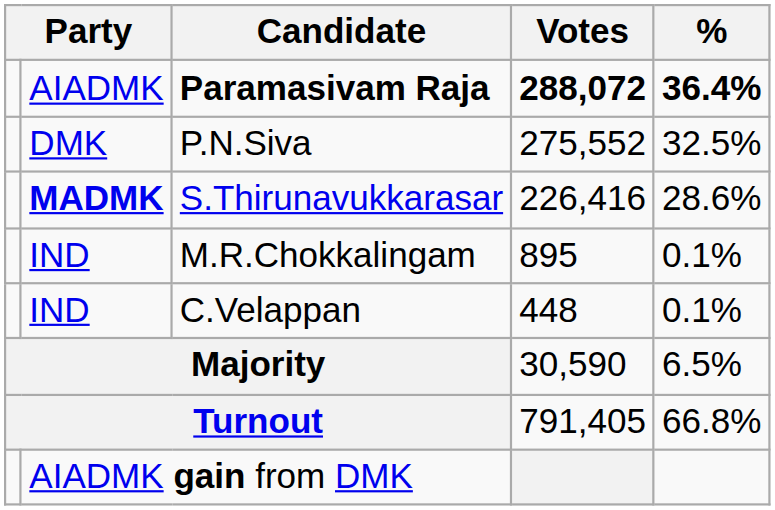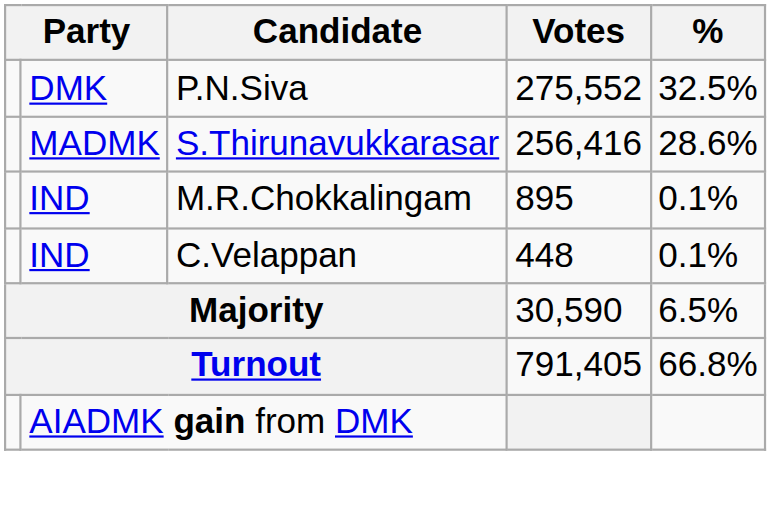 <table class="wikitable">
 <tr>
 <th colspan="2">Party</th>
 <th>Candidate</th>
 <th>Votes</th>
 <th>%</th>
-</tr>
-<tr>
-<td></td>
-<td><a href='#'>AIADMK</a></td>
-<td><strong>Paramasivam Raja</strong></td>
-<td><strong>288,072</strong></td>
-<td><strong>36.4%</strong></td>
 </tr>
 <tr>
 <td></td>
 <td><a href='#'>DMK</a></td>
 <td>P.N.Siva</td>
 <td>275,552</td>
 <td>32.5%</td>
 </tr>
 <tr>
 <td></td>
-<td><strong><a href='#'>MADMK</a></strong></td>
+<td><a href='#'>MADMK</a></td>
 <td><a href='#'>S.Thirunavukkarasar</a></td>
-<td>226,416</td>
+<td>256,416</td>
 <td>28.6%</td>
 </tr>
 <tr>
 <td></td>
 <td><a href='#'>IND</a></td>
 <td>M.R.Chokkalingam</td>
 <td>895</td>
 <td>0.1%</td>
 </tr>
 <tr>
 <td></td>
 <td><a href='#'>IND</a></td>
 <td>C.Velappan</td>
 <td>448</td>
 <td>0.1%</td>
 </tr>
 <tr>
 <th colspan="3">Majority</th>
 <td>30,590</td>
 <td>6.5%</td>
 </tr>
 <tr>
 <th colspan="3"><a href='#'>Turnout</a></th>
 <td>791,405</td>
 <td>66.8%</td>
 </tr>
 <tr>
 <td></td>
 <td colspan="2"><a href='#'>AIADMK</a> <strong>gain</strong> from <a href='#'>DMK</a></td>
 <th></th>
 <td></td>
 </tr>
 </table>
